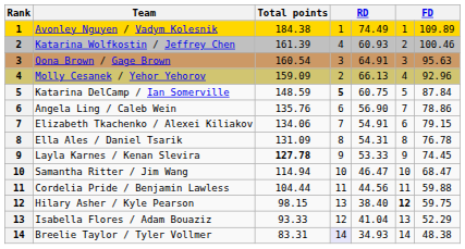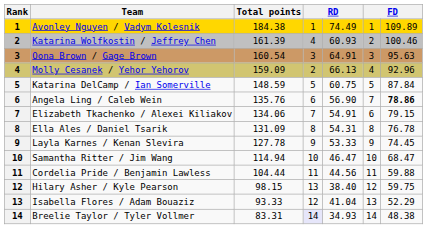 <table class="wikitable sortable">
 <tr>
 <th>Rank</th>
 <th>Team</th>
 <th>Total points</th>
 <th colspan="2" width="80px"><a href='#'>RD</a></th>
 <th colspan="2" width="80px"><a href='#'>FD</a></th>
 </tr>
 <tr bgcolor="gold">
 <td align="center"><strong>1</strong></td>
 <td><a href='#'>Avonley Nguyen</a> / <a href='#'>Vadym Kolesnik</a></td>
 <td align="center">184.38</td>
 <td align="center">1</td>
 <td align="center">74.49</td>
 <td align="center">1</td>
 <td align="center">109.89</td>
 </tr>
 <tr bgcolor="silver">
 <td align="center"><strong>2</strong></td>
 <td><a href='#'>Katarina Wolfkostin</a> / <a href='#'>Jeffrey Chen</a></td>
 <td align="center">161.39</td>
 <td align="center">4</td>
 <td align="center">60.93</td>
 <td align="center">2</td>
 <td align="center">100.46</td>
 </tr>
 <tr bgcolor="cc9966">
 <td align="center"><strong>3</strong></td>
 <td><a href='#'>Oona Brown</a> / <a href='#'>Gage Brown</a></td>
 <td align="center">160.54</td>
 <td align="center">3</td>
 <td align="center">64.91</td>
 <td align="center">3</td>
 <td align="center">95.63</td>
 </tr>
 <tr bgcolor="#d1c571">
 <td align="center"><strong>4</strong></td>
 <td><a href='#'>Molly Cesanek</a> / <a href='#'>Yehor Yehorov</a></td>
 <td align="center">159.09</td>
 <td align="center">2</td>
 <td align="center">66.13</td>
 <td align="center">4</td>
 <td align="center">92.96</td>
 </tr>
 <tr>
 <th>5</th>
 <td>Katarina DelCamp / <a href='#'>Ian Somerville</a></td>
 <td align="center">148.59</td>
-<td align="center"><strong>5</strong></td>
+<td align="center">5</td>
 <td align="center">60.75</td>
 <td align="center">5</td>
 <td align="center">87.84</td>
 </tr>
 <tr>
 <th>6</th>
 <td>Angela Ling / Caleb Wein</td>
 <td align="center">135.76</td>
 <td align="center">6</td>
 <td align="center">56.90</td>
 <td align="center">7</td>
-<td align="center">78.86</td>
+<td align="center"><strong>78.86</strong></td>
 </tr>
 <tr>
 <th>7</th>
 <td>Elizabeth Tkachenko / Alexei Kiliakov</td>
 <td align="center">134.06</td>
 <td align="center">7</td>
 <td align="center">54.91</td>
 <td align="center">6</td>
 <td align="center">79.15</td>
 </tr>
 <tr>
 <th>8</th>
 <td>Ella Ales / Daniel Tsarik</td>
 <td align="center">131.09</td>
 <td align="center">8</td>
 <td align="center">54.31</td>
 <td align="center">8</td>
 <td align="center">76.78</td>
 </tr>
 <tr>
 <th>9</th>
 <td>Layla Karnes / Kenan Slevira</td>
-<td align="center"><strong>127.78</strong></td>
+<td align="center">127.78</td>
 <td align="center">9</td>
 <td align="center">53.33</td>
 <td align="center">9</td>
 <td align="center">74.45</td>
 </tr>
 <tr>
 <th>10</th>
 <td>Samantha Ritter / Jim Wang</td>
 <td align="center">114.94</td>
 <td align="center">10</td>
 <td align="center">46.47</td>
 <td align="center">10</td>
 <td align="center">68.47</td>
 </tr>
 <tr>
 <th>11</th>
 <td>Cordelia Pride / Benjamin Lawless</td>
 <td align="center">104.44</td>
 <td align="center">11</td>
 <td align="center">44.56</td>
 <td align="center">11</td>
 <td align="center">59.88</td>
 </tr>
 <tr>
 <th>12</th>
 <td>Hilary Asher / Kyle Pearson</td>
 <td align="center">98.15</td>
 <td align="center">13</td>
 <td align="center">38.40</td>
-<td align="center"><strong>12</strong></td>
+<td align="center">12</td>
 <td align="center">59.75</td>
 </tr>
 <tr>
 <th>13</th>
 <td>Isabella Flores / Adam Bouaziz</td>
 <td align="center">93.33</td>
 <td align="center">12</td>
 <td align="center">41.04</td>
 <td align="center">13</td>
 <td align="center">52.29</td>
 </tr>
 <tr>
 <th>14</th>
 <td>Breelie Taylor / Tyler Vollmer</td>
 <td align="center">83.31</td>
 <td align="center" style="background: lavender;">14</td>
 <td align="center">34.93</td>
 <td align="center">14</td>
 <td align="center">48.38</td>
 </tr>
 </table>
